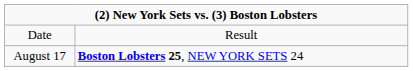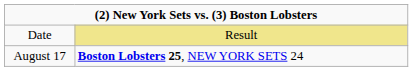 <table class="wikitable" style="font-size:92%; text-align:left; line-height:normal; width=50%">
 <tr>
 <td style="text-align:center;" colspan=3><strong>(2) New York Sets vs. (3) Boston Lobsters</strong></td>
 </tr>
 <tr>
 <td style="text-align:center; width:75px">Date</td>
-<td style="text-align:center; width:380px">Result</td>
+<td style="background: khaki; text-align:center; width:380px">Result</td>
 </tr>
 <tr>
 <td style="text-align:center;">August 17</td>
 <td><strong><a href='#'>Boston Lobsters</a> 25</strong>, <a href='#'>NEW YORK SETS</a> 24</td>
 </tr>
 </table>
